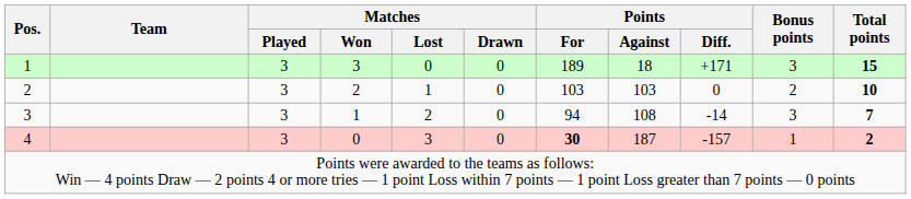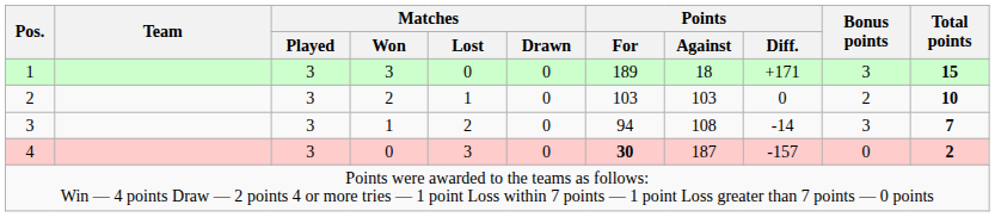 <table class="wikitable" style="text-align:center">
 <tr>
 <th rowspan="2" style="width:5%;">Pos.</th>
 <th rowspan="2" style="width:22%;">Team</th>
 <th colspan="4" style="width:32%;">Matches</th>
 <th colspan="3" style="width:32%;">Points</th>
 <th rowspan="2" style="width:9%;">Bonus<br>points</th>
 <th rowspan="2" style="width:9%;"><strong>Total</strong><br><strong>points</strong></th>
 </tr>
 <tr>
 <th style="width:8%;">Played</th>
 <th style="width:8%;">Won</th>
 <th style="width:8%;">Lost</th>
 <th style="width:8%;">Drawn</th>
 <th style="width:8%;">For</th>
 <th style="width:8%;">Against</th>
 <th style="width:8%;">Diff.</th>
 </tr>
 <tr bgcolor="#ccffcc">
 <td>1</td>
 <td align="left"></td>
 <td>3</td>
 <td>3</td>
 <td>0</td>
 <td>0</td>
 <td>189</td>
 <td>18</td>
 <td>+171</td>
 <td>3</td>
 <td><strong>15</strong></td>
 </tr>
 <tr>
 <td>2</td>
 <td align="left"></td>
 <td>3</td>
 <td>2</td>
 <td>1</td>
 <td>0</td>
 <td>103</td>
 <td>103</td>
 <td>0</td>
 <td>2</td>
 <td><strong>10</strong></td>
 </tr>
 <tr>
 <td>3</td>
 <td align="left"></td>
 <td>3</td>
 <td>1</td>
 <td>2</td>
 <td>0</td>
 <td>94</td>
 <td>108</td>
 <td>-14</td>
 <td>3</td>
 <td><strong>7</strong></td>
 </tr>
 <tr bgcolor="#ffcccc">
 <td>4</td>
 <td align="left"></td>
 <td>3</td>
 <td>0</td>
 <td>3</td>
 <td>0</td>
 <td><strong>30</strong></td>
 <td>187</td>
 <td>-157</td>
-<td>1</td>
+<td>0</td>
 <td><strong>2</strong></td>
 </tr>
 <tr>
 <td colspan="11" style="text-align:center;">Points were awarded to the teams as follows:<br>Win — 4 points Draw — 2 points 4 or more tries — 1 point Loss within 7 points — 1 point Loss greater than 7 points — 0 points</td>
 </tr>
 </table>
